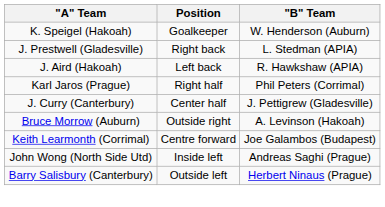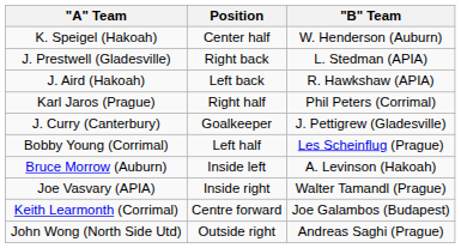 <table class="wikitable" style="text-align:center; align:center; width:60%">
 <tr>
 <th>"A" Team</th>
 <th>Position</th>
 <th>"B" Team</th>
 </tr>
 <tr>
 <td>K. Speigel (Hakoah)</td>
-<td>Goalkeeper</td>
+<td>Center half</td>
 <td>W. Henderson (Auburn)</td>
 </tr>
 <tr>
 <td>J. Prestwell (Gladesville)</td>
 <td>Right back</td>
 <td>L. Stedman (APIA)</td>
 </tr>
 <tr>
 <td>J. Aird (Hakoah)</td>
 <td>Left back</td>
 <td>R. Hawkshaw (APIA)</td>
 </tr>
 <tr>
 <td>Karl Jaros (Prague)</td>
 <td>Right half</td>
 <td>Phil Peters (Corrimal)</td>
 </tr>
 <tr>
 <td>J. Curry (Canterbury)</td>
-<td>Center half</td>
+<td>Goalkeeper</td>
 <td>J. Pettigrew (Gladesville)</td>
 </tr>
 <tr>
+<td>Bobby Young (Corrimal)</td>
+<td>Left half</td>
+<td><a href='#'>Les Scheinflug</a> (Prague)</td>
+</tr>
+<tr>
 <td><a href='#'>Bruce Morrow</a> (Auburn)</td>
-<td>Outside right</td>
+<td>Inside left</td>
 <td>A. Levinson (Hakoah)</td>
+</tr>
+<tr>
+<td>Joe Vasvary (APIA)</td>
+<td>Inside right</td>
+<td>Walter Tamandl (Prague)</td>
 </tr>
 <tr>
 <td><a href='#'>Keith Learmonth</a> (Corrimal)</td>
 <td>Centre forward</td>
 <td>Joe Galambos (Budapest)</td>
 </tr>
 <tr>
 <td>John Wong (North Side Utd)</td>
-<td>Inside left</td>
+<td>Outside right</td>
 <td>Andreas Saghi (Prague)</td>
 </tr>
-<tr>
-<td><a href='#'>Barry Salisbury</a> (Canterbury)</td>
-<td>Outside left</td>
-<td><a href='#'>Herbert Ninaus</a> (Prague)</td>
-</tr>
 </table>
